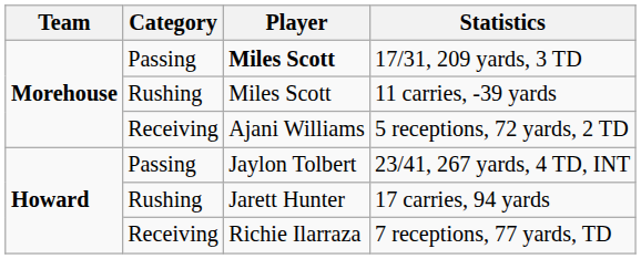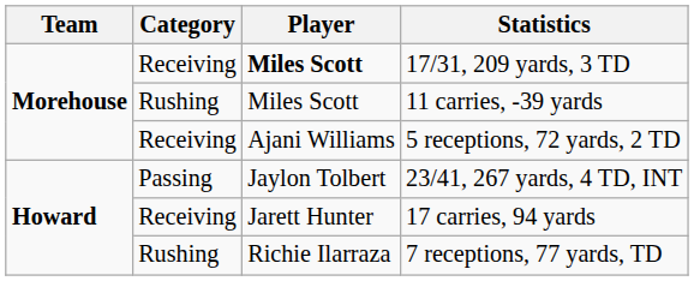 <table class="wikitable" style="float: right;">
 <tr>
 <th>Team</th>
 <th>Category</th>
 <th>Player</th>
 <th>Statistics</th>
 </tr>
 <tr>
 <td rowspan=3><strong>Morehouse</strong></td>
-<td>Passing</td>
+<td>Receiving</td>
 <td><strong>Miles Scott</strong></td>
 <td>17/31, 209 yards, 3 TD</td>
 </tr>
 <tr>
 <td>Rushing</td>
 <td>Miles Scott</td>
 <td>11 carries, -39 yards</td>
 </tr>
 <tr>
 <td>Receiving</td>
 <td>Ajani Williams</td>
 <td>5 receptions, 72 yards, 2 TD</td>
 </tr>
 <tr>
 <td rowspan=3><strong>Howard</strong></td>
 <td>Passing</td>
 <td>Jaylon Tolbert</td>
 <td>23/41, 267 yards, 4 TD, INT</td>
 </tr>
 <tr>
-<td>Rushing</td>
+<td>Receiving</td>
 <td>Jarett Hunter</td>
 <td>17 carries, 94 yards</td>
 </tr>
 <tr>
-<td>Receiving</td>
+<td>Rushing</td>
 <td>Richie Ilarraza</td>
 <td>7 receptions, 77 yards, TD</td>
 </tr>
 </table>
